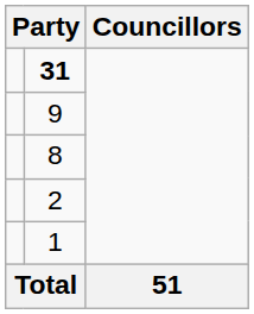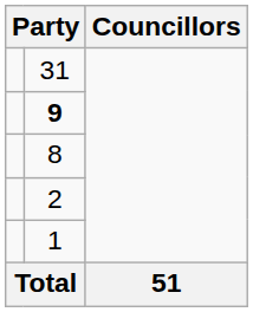 <table class="wikitable">
 <tr>
 <th colspan=2>Party</th>
 <th>Councillors</th>
 </tr>
 <tr>
 <td></td>
-<td align=center><strong>31</strong></td>
+<td align=center>31</td>
 </tr>
 <tr>
 <td></td>
-<td align=center>9</td>
+<td align=center><strong>9</strong></td>
 </tr>
 <tr>
 <td></td>
 <td align=center>8</td>
 </tr>
 <tr>
 <td></td>
 <td align=center>2</td>
 </tr>
 <tr>
 <td></td>
 <td align=center>1</td>
 </tr>
 <tr>
 <th colspan=2>Total</th>
 <th align=center>51</th>
 </tr>
 </table>
